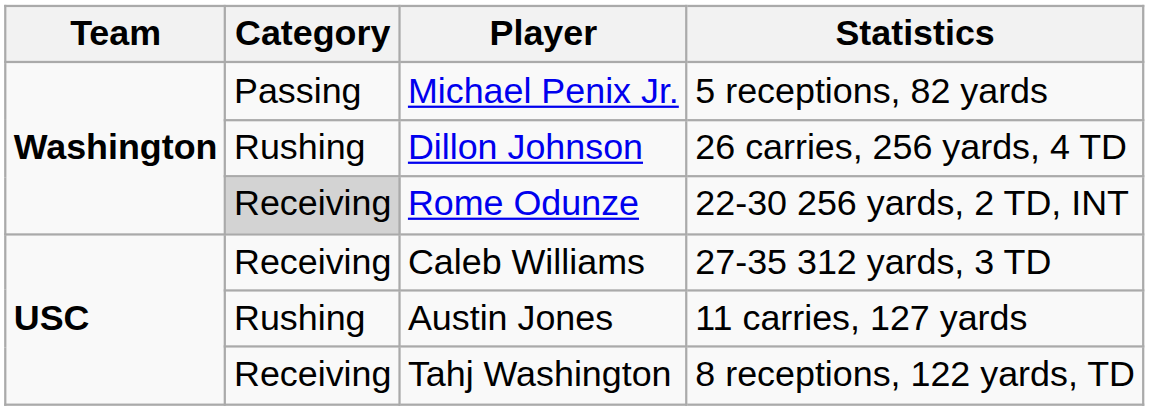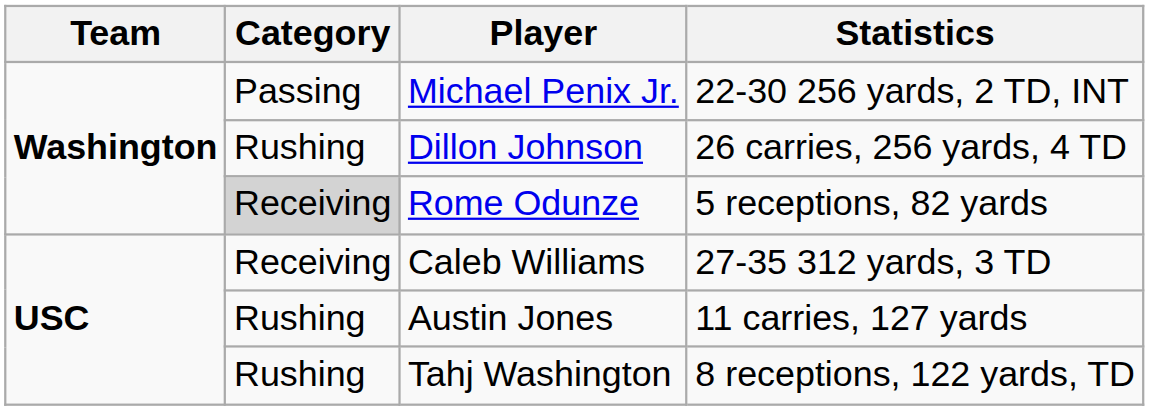 <table class="wikitable" style="float: right;">
 <tr>
 <th>Team</th>
 <th>Category</th>
 <th>Player</th>
 <th>Statistics</th>
 </tr>
 <tr>
 <td rowspan=3><strong>Washington</strong></td>
 <td>Passing</td>
 <td><a href='#'>Michael Penix Jr.</a></td>
-<td>5 receptions, 82 yards</td>
+<td>22-30 256 yards,  2 TD, INT</td>
 </tr>
 <tr>
 <td>Rushing</td>
 <td><a href='#'>Dillon Johnson</a></td>
 <td>26 carries, 256 yards, 4 TD</td>
 </tr>
 <tr>
 <td style="background: lightgrey;">Receiving</td>
 <td><a href='#'>Rome Odunze</a></td>
-<td>22-30 256 yards,  2 TD, INT</td>
+<td>5 receptions, 82 yards</td>
 </tr>
 <tr>
 <td rowspan=3><strong>USC</strong></td>
 <td>Receiving</td>
 <td>Caleb Williams</td>
 <td>27-35 312 yards, 3 TD</td>
 </tr>
 <tr>
 <td>Rushing</td>
 <td>Austin Jones</td>
 <td>11 carries, 127 yards</td>
 </tr>
 <tr>
-<td>Receiving</td>
+<td>Rushing</td>
 <td>Tahj Washington</td>
 <td>8 receptions, 122 yards, TD</td>
 </tr>
 </table>
